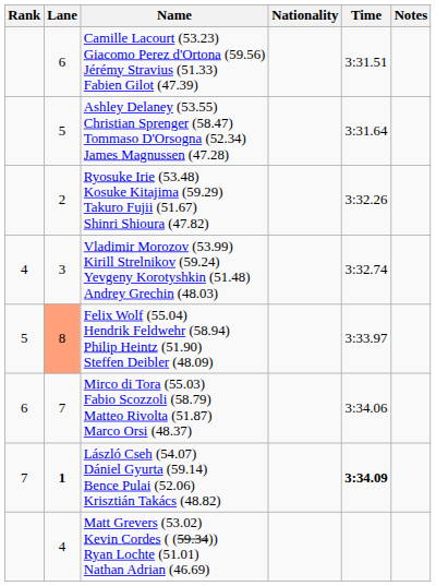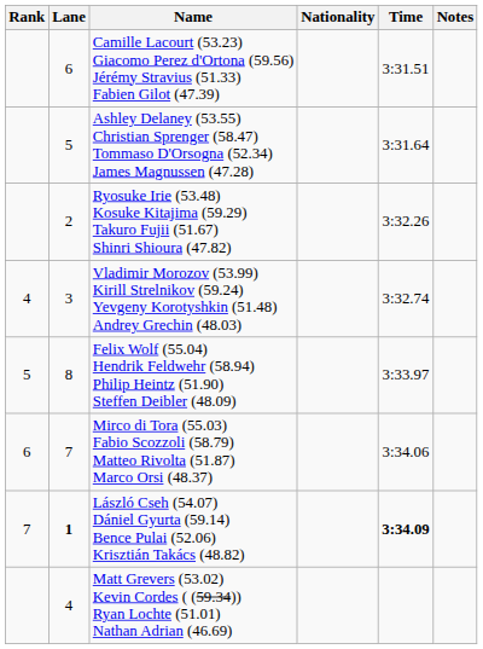 <table class="wikitable sortable" style="text-align:center">
 <tr>
 <th>Rank</th>
 <th>Lane</th>
 <th>Name</th>
 <th>Nationality</th>
 <th>Time</th>
 <th>Notes</th>
 </tr>
 <tr>
 <td></td>
 <td>6</td>
 <td align=left><a href='#'>Camille Lacourt</a> (53.23)<br><a href='#'>Giacomo Perez d'Ortona</a> (59.56)<br><a href='#'>Jérémy Stravius</a> (51.33)<br><a href='#'>Fabien Gilot</a> (47.39)</td>
 <td align=left></td>
 <td>3:31.51</td>
 <td></td>
 </tr>
 <tr>
 <td></td>
 <td>5</td>
 <td align=left><a href='#'>Ashley Delaney</a> (53.55)<br><a href='#'>Christian Sprenger</a> (58.47)<br><a href='#'>Tommaso D'Orsogna</a> (52.34)<br><a href='#'>James Magnussen</a> (47.28)</td>
 <td align=left></td>
 <td>3:31.64</td>
 <td></td>
 </tr>
 <tr>
 <td></td>
 <td>2</td>
 <td align=left><a href='#'>Ryosuke Irie</a> (53.48)<br><a href='#'>Kosuke Kitajima</a> (59.29)<br><a href='#'>Takuro Fujii</a> (51.67)<br><a href='#'>Shinri Shioura</a> (47.82)</td>
 <td align=left></td>
 <td>3:32.26</td>
 <td></td>
 </tr>
 <tr>
 <td>4</td>
 <td>3</td>
 <td align="left"><a href='#'>Vladimir Morozov</a> (53.99)<br><a href='#'>Kirill Strelnikov</a> (59.24)<br><a href='#'>Yevgeny Korotyshkin</a> (51.48)<br><a href='#'>Andrey Grechin</a> (48.03)</td>
 <td align=left></td>
 <td>3:32.74</td>
 <td></td>
 </tr>
 <tr>
 <td>5</td>
-<td style="background: lightsalmon;">8</td>
+<td>8</td>
 <td align=left><a href='#'>Felix Wolf</a> (55.04)<br><a href='#'>Hendrik Feldwehr</a> (58.94)<br><a href='#'>Philip Heintz</a> (51.90)<br><a href='#'>Steffen Deibler</a> (48.09)</td>
 <td align=left></td>
 <td>3:33.97</td>
 <td></td>
 </tr>
 <tr>
 <td>6</td>
 <td>7</td>
 <td align=left><a href='#'>Mirco di Tora</a> (55.03)<br><a href='#'>Fabio Scozzoli</a> (58.79)<br><a href='#'>Matteo Rivolta</a> (51.87)<br><a href='#'>Marco Orsi</a> (48.37)</td>
 <td align=left></td>
 <td>3:34.06</td>
 <td></td>
 </tr>
 <tr>
 <td>7</td>
 <td><strong>1</strong></td>
 <td align=left><a href='#'>László Cseh</a> (54.07)<br><a href='#'>Dániel Gyurta</a> (59.14)<br><a href='#'>Bence Pulai</a> (52.06)<br><a href='#'>Krisztián Takács</a> (48.82)</td>
 <td align=left></td>
 <td><strong>3:34.09</strong></td>
 <td></td>
 </tr>
 <tr>
 <td></td>
 <td>4</td>
 <td align=left><a href='#'>Matt Grevers</a> (53.02)<br><a href='#'>Kevin Cordes</a> ( (<s>59.34</s>))<br><a href='#'>Ryan Lochte</a> (51.01)<br><a href='#'>Nathan Adrian</a> (46.69)</td>
 <td align=left></td>
 <td></td>
 <td></td>
 </tr>
 </table>
